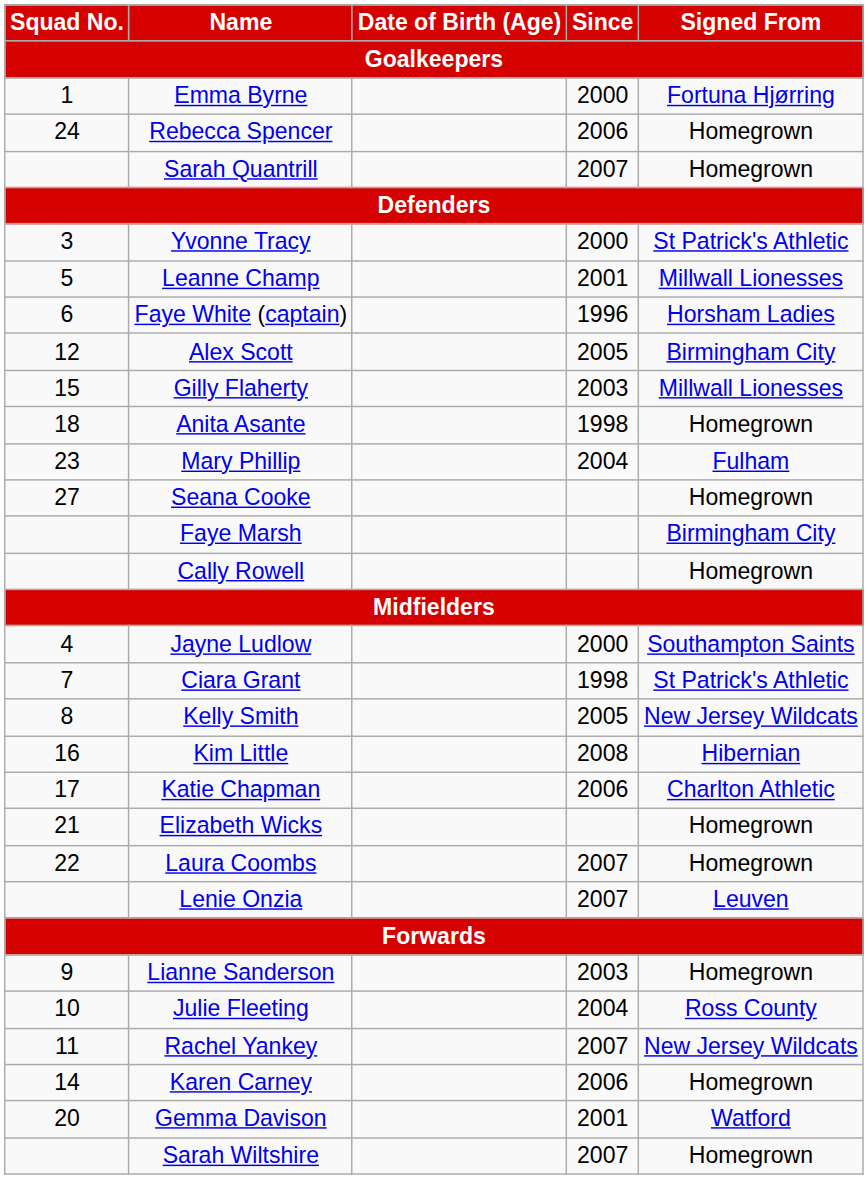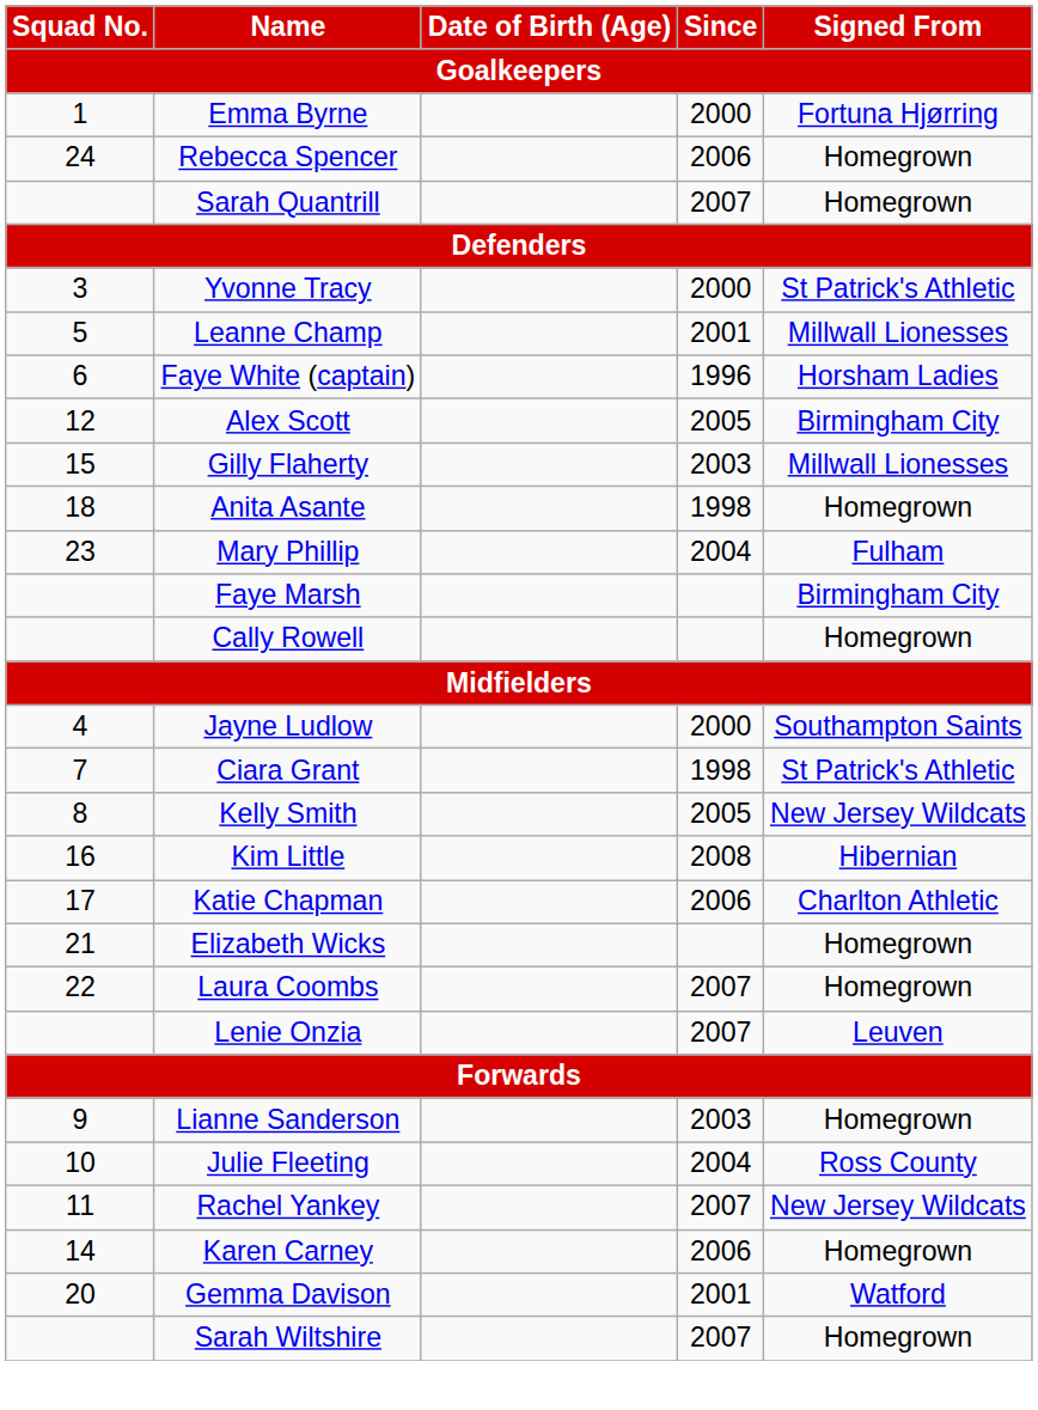 <table class="wikitable" style="text-align:center; font-size:100%; ">
 <tr>
 <th style="background:#d50000; color:white; text-align:center;">Squad No.</th>
 <th style="background:#d50000; color:white; text-align:center;">Name</th>
 <th style="background:#d50000; color:white; text-align:center;">Date of Birth (Age)</th>
 <th style="background:#d50000; color:white; text-align:center;">Since</th>
 <th style="background:#d50000; color:white; text-align:center;">Signed From</th>
 </tr>
 <tr>
 <th colspan="5" style="background:#d50000; color:white; text-align:center">Goalkeepers</th>
 </tr>
 <tr>
 <td>1</td>
 <td> <a href='#'>Emma Byrne</a></td>
 <td></td>
 <td>2000</td>
 <td> <a href='#'>Fortuna Hjørring</a></td>
 </tr>
 <tr>
 <td>24</td>
 <td><em></em> <a href='#'>Rebecca Spencer</a></td>
 <td></td>
 <td>2006</td>
 <td>Homegrown</td>
 </tr>
 <tr>
 <td></td>
 <td> <a href='#'>Sarah Quantrill</a></td>
 <td></td>
 <td>2007</td>
 <td>Homegrown</td>
 </tr>
 <tr>
 <th colspan="5" style="background:#d50000; color:white; text-align:center">Defenders</th>
 </tr>
 <tr>
 <td>3</td>
 <td> <a href='#'>Yvonne Tracy</a></td>
 <td></td>
 <td>2000</td>
 <td> <a href='#'>St Patrick's Athletic</a></td>
 </tr>
 <tr>
 <td>5</td>
 <td> <a href='#'>Leanne Champ</a></td>
 <td></td>
 <td>2001</td>
 <td> <a href='#'>Millwall Lionesses</a></td>
 </tr>
 <tr>
 <td>6</td>
 <td> <a href='#'>Faye White</a> (<a href='#'>captain</a>)</td>
 <td></td>
 <td>1996</td>
 <td> <a href='#'>Horsham Ladies</a></td>
 </tr>
 <tr>
 <td>12</td>
 <td> <a href='#'>Alex Scott</a></td>
 <td></td>
 <td>2005</td>
 <td> <a href='#'>Birmingham City</a></td>
 </tr>
 <tr>
 <td>15</td>
 <td> <a href='#'>Gilly Flaherty</a></td>
 <td></td>
 <td>2003</td>
 <td> <a href='#'>Millwall Lionesses</a></td>
 </tr>
 <tr>
 <td>18</td>
 <td> <a href='#'>Anita Asante</a></td>
 <td></td>
 <td>1998</td>
 <td>Homegrown</td>
 </tr>
 <tr>
 <td>23</td>
 <td> <a href='#'>Mary Phillip</a></td>
 <td></td>
 <td>2004</td>
 <td> <a href='#'>Fulham</a></td>
-</tr>
-<tr>
-<td>27</td>
-<td> <a href='#'>Seana Cooke</a></td>
-<td></td>
-<td></td>
-<td>Homegrown</td>
 </tr>
 <tr>
 <td></td>
 <td> <a href='#'>Faye Marsh</a></td>
 <td></td>
 <td></td>
 <td> <a href='#'>Birmingham City</a></td>
 </tr>
 <tr>
 <td></td>
 <td> <a href='#'>Cally Rowell</a></td>
 <td></td>
 <td></td>
 <td>Homegrown</td>
 </tr>
 <tr>
 <th colspan="5" style="background:#d50000; color:white; text-align:center">Midfielders</th>
 </tr>
 <tr>
 <td>4</td>
 <td> <a href='#'>Jayne Ludlow</a></td>
 <td></td>
 <td>2000</td>
 <td><em></em> <a href='#'>Southampton Saints</a></td>
 </tr>
 <tr>
 <td>7</td>
 <td> <a href='#'>Ciara Grant</a></td>
 <td></td>
 <td>1998</td>
 <td> <a href='#'>St Patrick's Athletic</a></td>
 </tr>
 <tr>
 <td>8</td>
 <td> <a href='#'>Kelly Smith</a></td>
 <td></td>
 <td>2005</td>
 <td> <a href='#'>New Jersey Wildcats</a></td>
 </tr>
 <tr>
 <td>16</td>
 <td> <a href='#'>Kim Little</a></td>
 <td></td>
 <td>2008</td>
 <td> <a href='#'>Hibernian</a></td>
 </tr>
 <tr>
 <td>17</td>
 <td><em></em> <a href='#'>Katie Chapman</a></td>
 <td></td>
 <td>2006</td>
 <td> <a href='#'>Charlton Athletic</a></td>
 </tr>
 <tr>
 <td>21</td>
 <td> <a href='#'>Elizabeth Wicks</a></td>
 <td></td>
 <td></td>
 <td>Homegrown</td>
 </tr>
 <tr>
 <td>22</td>
 <td><em></em> <a href='#'>Laura Coombs</a></td>
 <td></td>
 <td>2007</td>
 <td>Homegrown</td>
 </tr>
 <tr>
 <td></td>
 <td> <a href='#'>Lenie Onzia</a></td>
 <td></td>
 <td>2007</td>
 <td> <a href='#'>Leuven</a></td>
 </tr>
 <tr>
 <th colspan="5" style="background:#d50000; color:white; text-align:center">Forwards</th>
 </tr>
 <tr>
 <td>9</td>
 <td> <a href='#'>Lianne Sanderson</a></td>
 <td></td>
 <td>2003</td>
 <td>Homegrown</td>
 </tr>
 <tr>
 <td>10</td>
 <td> <a href='#'>Julie Fleeting</a></td>
 <td></td>
 <td>2004</td>
 <td> <a href='#'>Ross County</a></td>
 </tr>
 <tr>
 <td>11</td>
 <td> <a href='#'>Rachel Yankey</a></td>
 <td></td>
 <td>2007</td>
 <td> <a href='#'>New Jersey Wildcats</a></td>
 </tr>
 <tr>
 <td>14</td>
 <td> <a href='#'>Karen Carney</a></td>
 <td></td>
 <td>2006</td>
 <td>Homegrown</td>
 </tr>
 <tr>
 <td>20</td>
 <td> <a href='#'>Gemma Davison</a></td>
 <td></td>
 <td>2001</td>
 <td> <a href='#'>Watford</a></td>
 </tr>
 <tr>
 <td></td>
 <td> <a href='#'>Sarah Wiltshire</a></td>
 <td></td>
 <td>2007</td>
 <td>Homegrown</td>
 </tr>
 </table>
